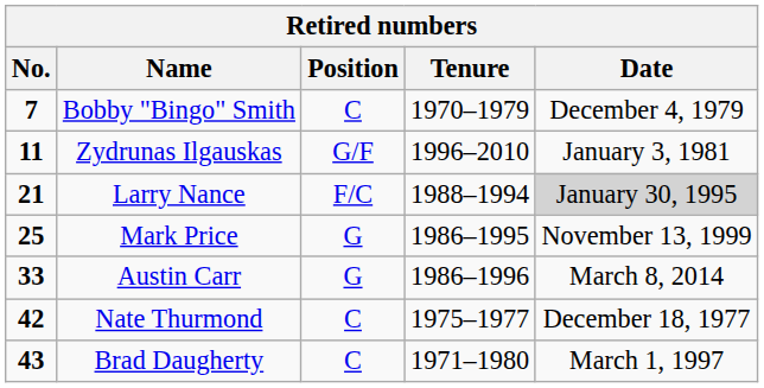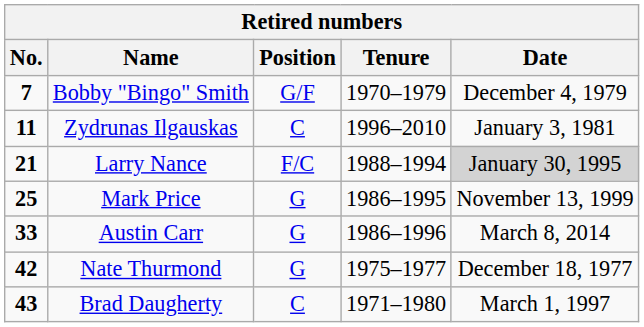 <table class="wikitable" style="text-align:center">
 <tr>
 <th colspan="5">Retired numbers</th>
 </tr>
 <tr>
 <th>No.</th>
 <th>Name</th>
 <th>Position</th>
 <th>Tenure</th>
 <th>Date</th>
 </tr>
 <tr>
 <td><strong>7</strong></td>
 <td><a href='#'>Bobby "Bingo" Smith</a></td>
-<td><a href='#'>C</a></td>
+<td><a href='#'>G/F</a></td>
 <td>1970–1979</td>
 <td>December 4, 1979</td>
 </tr>
 <tr>
 <td><strong>11</strong></td>
 <td><a href='#'>Zydrunas Ilgauskas</a></td>
-<td><a href='#'>G/F</a></td>
+<td><a href='#'>C</a></td>
 <td>1996–2010</td>
 <td>January 3, 1981</td>
 </tr>
 <tr>
 <td><strong>21</strong></td>
 <td><a href='#'>Larry Nance</a></td>
 <td><a href='#'>F/C</a></td>
 <td>1988–1994</td>
 <td style="background: lightgrey;">January 30, 1995</td>
 </tr>
 <tr>
 <td><strong>25</strong></td>
 <td><a href='#'>Mark Price</a></td>
 <td><a href='#'>G</a></td>
 <td>1986–1995</td>
 <td>November 13, 1999</td>
 </tr>
 <tr>
 <td><strong>33</strong></td>
 <td><a href='#'>Austin Carr</a></td>
 <td><a href='#'>G</a></td>
 <td>1986–1996</td>
 <td>March 8, 2014</td>
 </tr>
 <tr>
 <td><strong>42</strong></td>
 <td><a href='#'>Nate Thurmond</a></td>
-<td><a href='#'>C</a></td>
+<td><a href='#'>G</a></td>
 <td>1975–1977</td>
 <td>December 18, 1977</td>
 </tr>
 <tr>
 <td><strong>43</strong></td>
 <td><a href='#'>Brad Daugherty</a></td>
 <td><a href='#'>C</a></td>
 <td>1971–1980</td>
 <td>March 1, 1997</td>
 </tr>
 </table>
